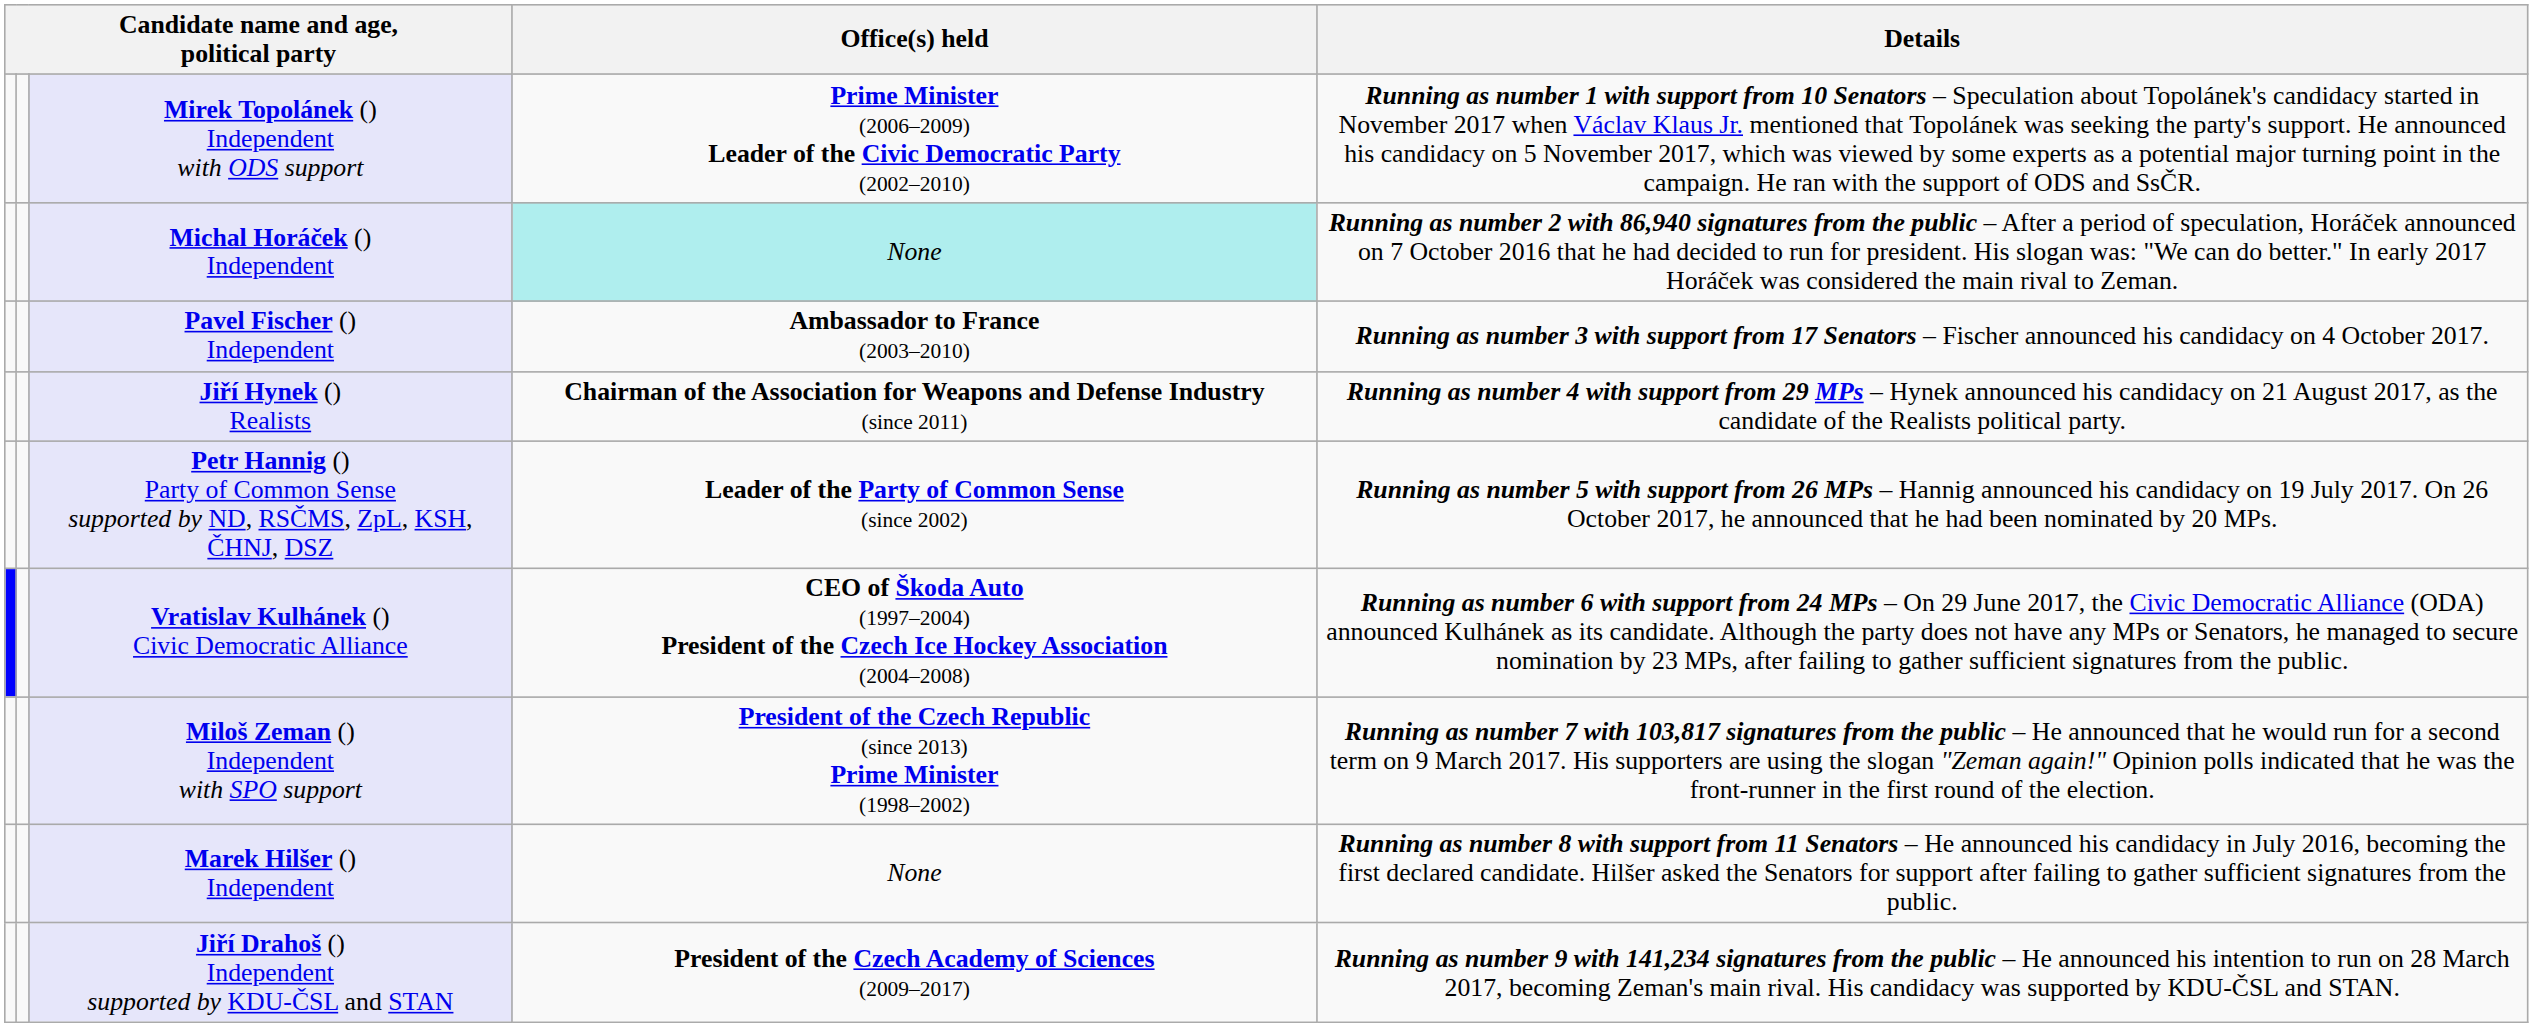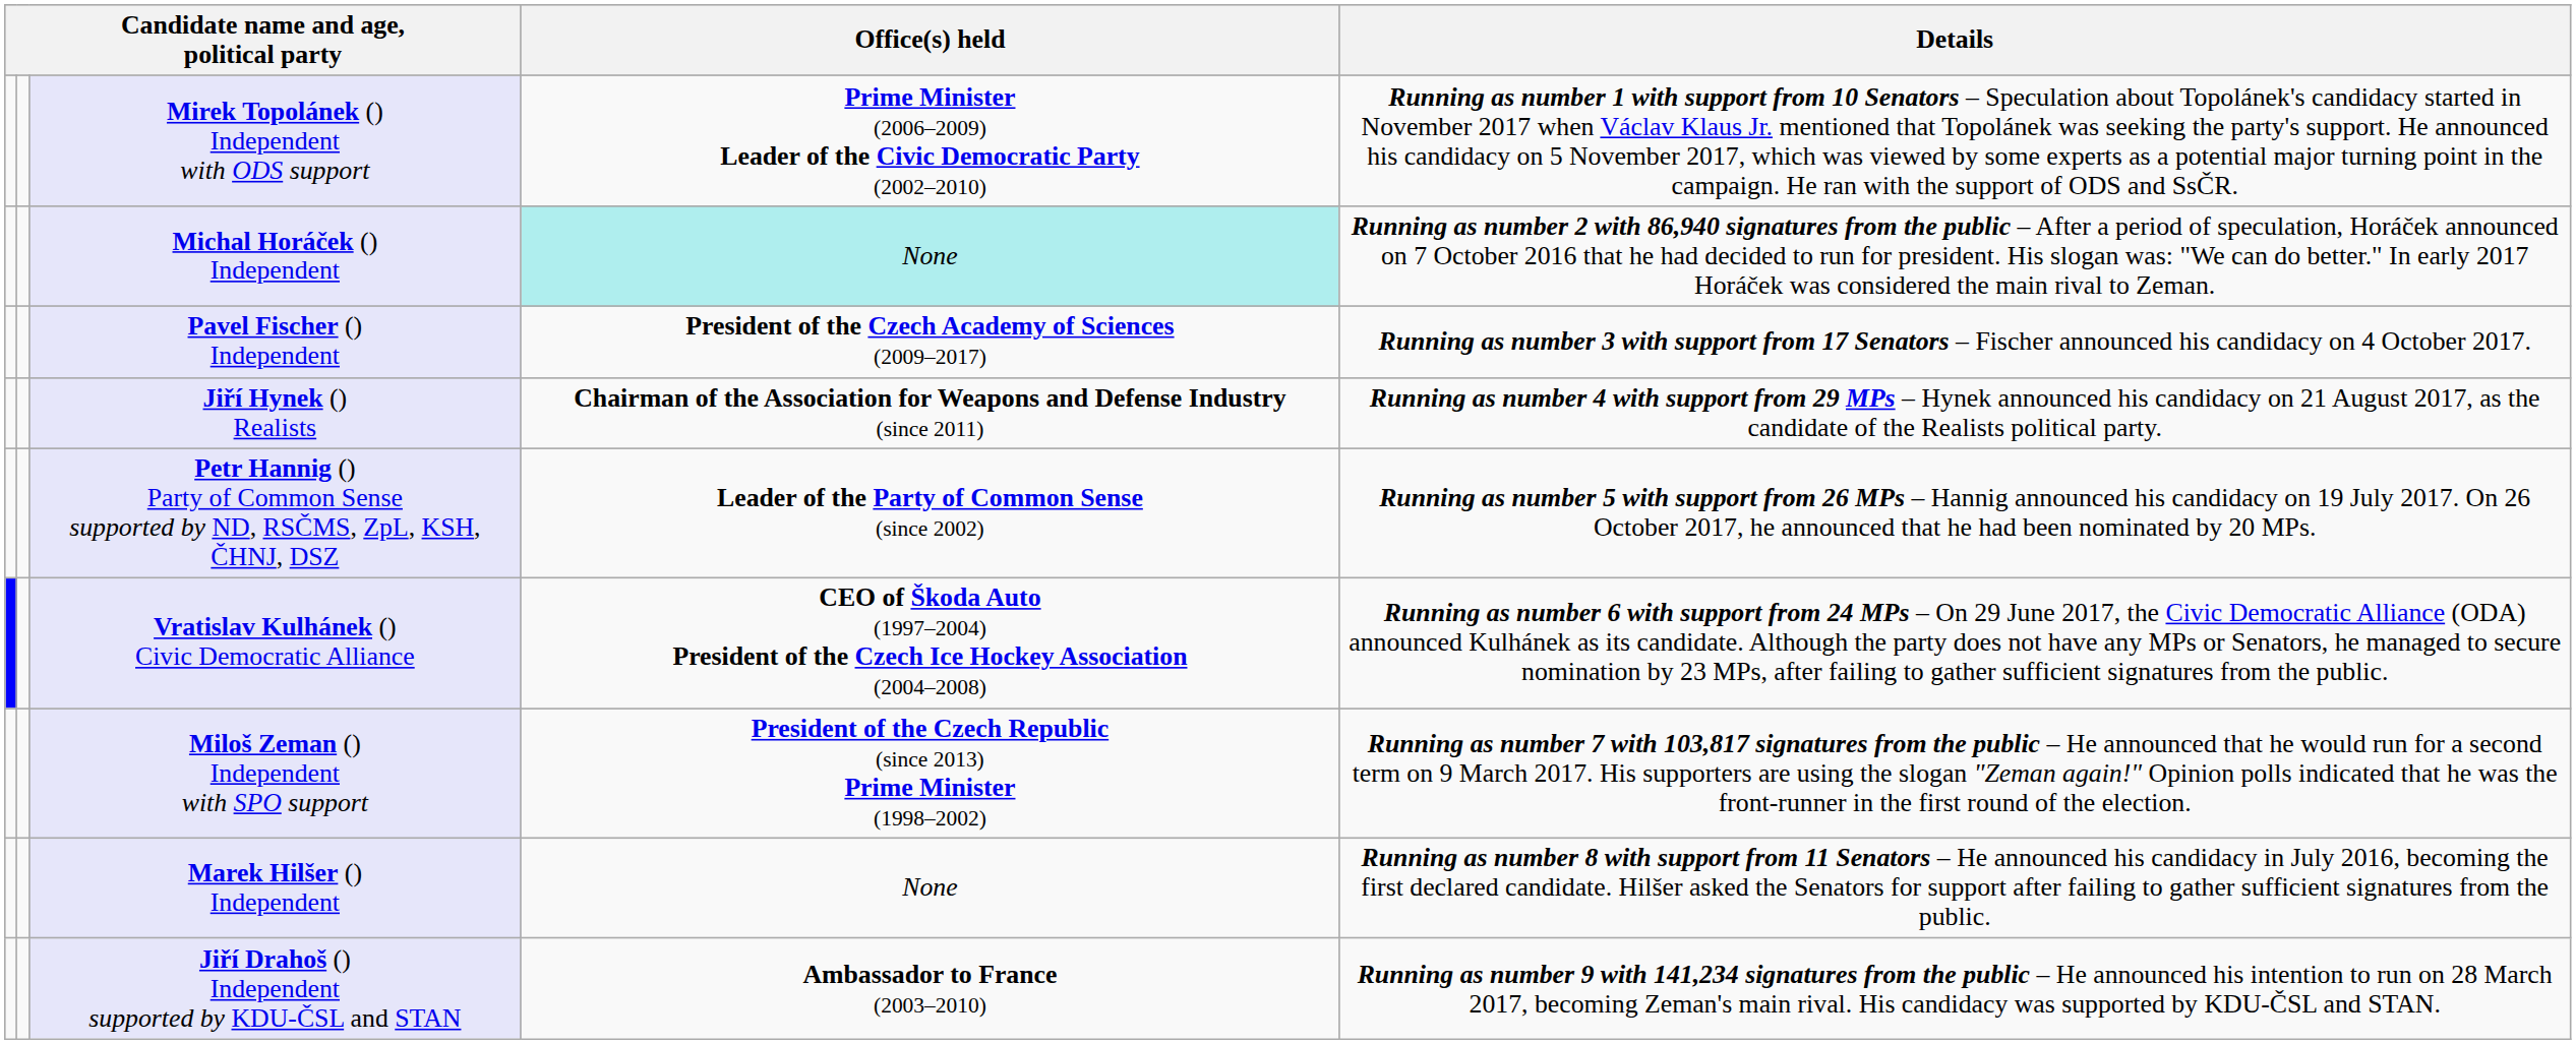 <table class="wikitable" style="text-align:center;">
 <tr>
 <th colspan="3" style="width:20%;">Candidate name and age,<br>political party</th>
 <th>Office(s) held</th>
 <th style="width:48%;">Details</th>
 </tr>
 <tr>
 <td style="background-color:"></td>
 <td></td>
 <td style="background:lavender;"><strong><a href='#'>Mirek Topolánek</a></strong> ()<br><a href='#'>Independent</a><br><em>with <a href='#'>ODS</a> support</em></td>
 <td><strong><a href='#'>Prime Minister</a></strong><br><small>(2006–2009)</small><br><strong>Leader of the <a href='#'>Civic Democratic Party</a></strong><br><small>(2002–2010)</small><br></td>
 <td><strong><em>Running as number 1 with support from 10 Senators</em></strong> – Speculation about Topolánek's candidacy started in November 2017 when <a href='#'>Václav Klaus Jr.</a> mentioned that Topolánek was seeking the party's support. He announced his candidacy on 5 November 2017, which was viewed by some experts as a potential major turning point in the campaign. He ran with the support of ODS and SsČR.</td>
 </tr>
 <tr>
 <td style="background-color:"></td>
 <td></td>
 <td style="background:lavender;"><strong><a href='#'>Michal Horáček</a></strong> ()<br><a href='#'>Independent</a></td>
 <td style="background: paleturquoise;"><em>None</em></td>
 <td><strong><em>Running as number 2 with 86,940 signatures from the public</em></strong> – After a period of speculation, Horáček announced on 7 October 2016 that he had decided to run for president. His slogan was: "We can do better." In early 2017 Horáček was considered the main rival to Zeman.</td>
 </tr>
 <tr>
 <td style="background-color:"></td>
 <td></td>
 <td style="background:lavender;"><strong><a href='#'>Pavel Fischer</a></strong> ()<br><a href='#'>Independent</a></td>
-<td><strong>Ambassador to France</strong><br><small>(2003–2010)</small></td>
+<td><strong>President of the <a href='#'>Czech Academy of Sciences</a></strong><br><small>(2009–2017)</small></td>
 <td><strong><em>Running as number 3 with support from 17 Senators</em></strong> – Fischer announced his candidacy on 4 October 2017.</td>
 </tr>
 <tr>
 <td style="background-color:"></td>
 <td></td>
 <td style="background:lavender;"><strong><a href='#'>Jiří Hynek</a></strong> ()<br><a href='#'>Realists</a></td>
 <td><strong>Chairman of the Association for Weapons and Defense Industry</strong><br><small>(since 2011)</small></td>
 <td><strong><em>Running as number 4 with support from 29 <a href='#'>MPs</a></em></strong> – Hynek announced his candidacy on 21 August 2017, as the candidate of the Realists political party.</td>
 </tr>
 <tr>
 <td style="background-color:"></td>
 <td></td>
 <td style="background:lavender;"><strong><a href='#'>Petr Hannig</a></strong> ()<br><a href='#'>Party of Common Sense</a><br><em>supported by</em> <a href='#'>ND</a>, <a href='#'>RSČMS</a>, <a href='#'>ZpL</a>, <a href='#'>KSH</a>, <a href='#'>ČHNJ</a>, <a href='#'>DSZ</a></td>
 <td><strong>Leader of the <a href='#'>Party of Common Sense</a></strong><br><small>(since 2002)</small></td>
 <td><strong><em>Running as number 5 with support from 26 MPs</em></strong> – Hannig announced his candidacy on 19 July 2017. On 26 October 2017, he announced that he had been nominated by 20 MPs.</td>
 </tr>
 <tr>
 <td style="background:#0000FF;"></td>
 <td></td>
 <td style="background:lavender;"><strong><a href='#'>Vratislav Kulhánek</a></strong> ()<br><a href='#'>Civic Democratic Alliance</a></td>
 <td><strong>CEO of <a href='#'>Škoda Auto</a></strong><br><small>(1997–2004)</small><br><strong>President of the <a href='#'>Czech Ice Hockey Association</a></strong><br><small>(2004–2008)</small></td>
 <td><strong><em>Running as number 6 with support from 24 MPs</em></strong> – On 29 June 2017, the <a href='#'>Civic Democratic Alliance</a> (ODA) announced Kulhánek as its candidate. Although the party does not have any MPs or Senators, he managed to secure nomination by 23 MPs, after failing to gather sufficient signatures from the public.</td>
 </tr>
 <tr>
 <td style="background-color:"></td>
 <td></td>
 <td style="background:lavender;"><strong><a href='#'>Miloš Zeman</a></strong> ()<br><a href='#'>Independent</a><br><em>with <a href='#'>SPO</a> support</em></td>
 <td><strong><a href='#'>President of the Czech Republic</a></strong><br><small>(since 2013)</small><br><strong><a href='#'>Prime Minister</a></strong><br><small>(1998–2002)</small><br></td>
 <td><strong><em>Running as number 7 with 103,817 signatures from the public</em></strong> – He announced that he would run for a second term on 9 March 2017. His supporters are using the slogan <em>"Zeman again!"</em> Opinion polls indicated that he was the front-runner in the first round of the election.</td>
 </tr>
 <tr>
 <td style="background:"></td>
 <td></td>
 <td style="background:lavender;"><strong><a href='#'>Marek Hilšer</a></strong> ()<br><a href='#'>Independent</a></td>
 <td><em>None</em></td>
 <td><strong><em>Running as number 8 with support from 11 Senators</em></strong> – He announced his candidacy in July 2016, becoming the first declared candidate. Hilšer asked the Senators for support after failing to gather sufficient signatures from the public.</td>
 </tr>
 <tr>
 <td style="background-color:"></td>
 <td></td>
 <td style="background:lavender;"><strong><a href='#'>Jiří Drahoš</a></strong> ()<br><a href='#'>Independent</a><br><em>supported by</em> <a href='#'>KDU-ČSL</a> and <a href='#'>STAN</a></td>
-<td><strong>President of the <a href='#'>Czech Academy of Sciences</a></strong><br><small>(2009–2017)</small></td>
+<td><strong>Ambassador to France</strong><br><small>(2003–2010)</small></td>
 <td><strong><em>Running as number 9 with 141,234 signatures from the public</em></strong> – He announced his intention to run on 28 March 2017, becoming Zeman's main rival. His candidacy was supported by KDU-ČSL and STAN.</td>
 </tr>
 </table>
